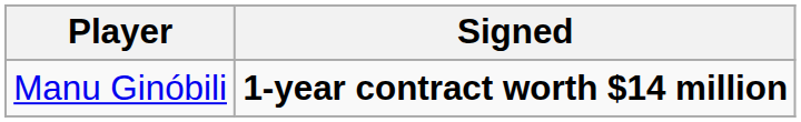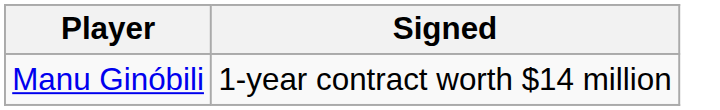 <table class="wikitable sortable sortable">
 <tr>
 <th>Player</th>
 <th>Signed</th>
 </tr>
 <tr style="text-align: center">
 <td><a href='#'>Manu Ginóbili</a></td>
-<td><strong>1-year contract worth $14 million</strong></td>
+<td>1-year contract worth $14 million</td>
 </tr>
 </table>
